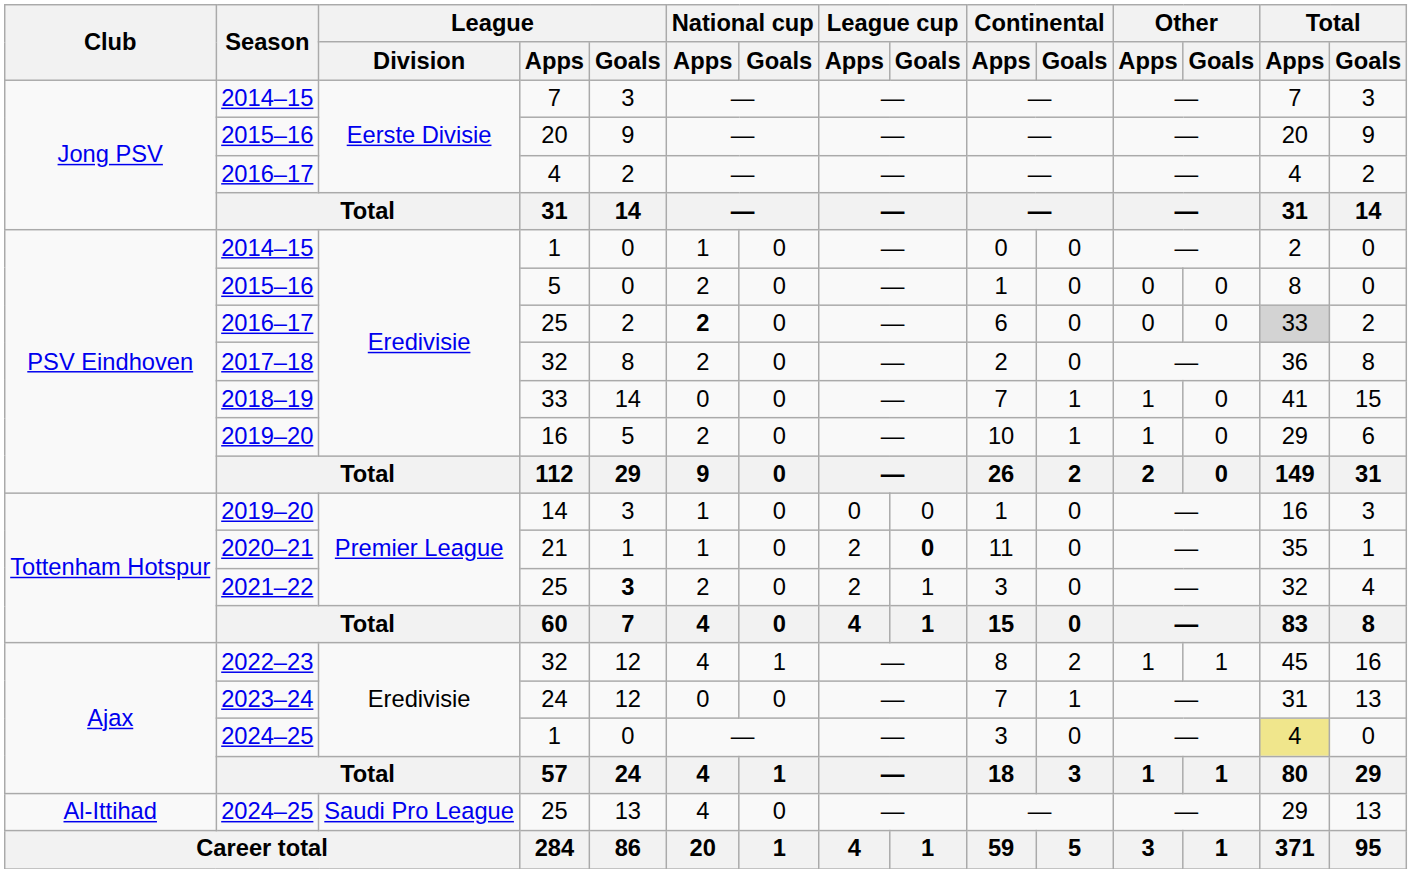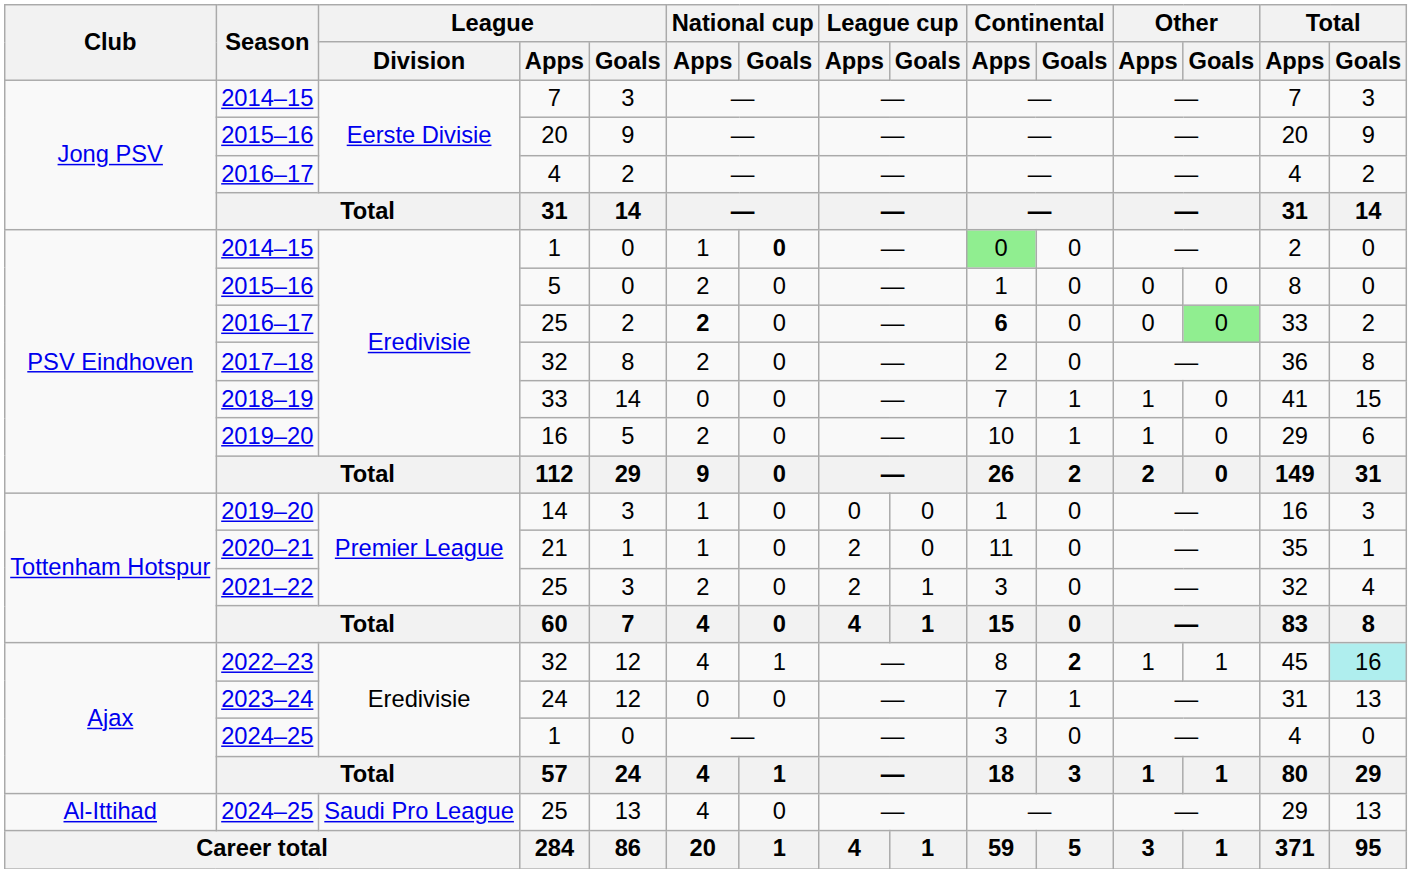 <table class="wikitable" style="text-align:center">
 <tr>
 <th rowspan="2">Club</th>
 <th rowspan="2">Season</th>
 <th colspan="3">League</th>
 <th colspan="2">National cup</th>
 <th colspan="2">League cup</th>
 <th colspan="2">Continental</th>
 <th colspan="2">Other</th>
 <th colspan="2">Total</th>
 </tr>
 <tr>
 <th>Division</th>
 <th>Apps</th>
 <th>Goals</th>
 <th>Apps</th>
 <th>Goals</th>
 <th>Apps</th>
 <th>Goals</th>
 <th>Apps</th>
 <th>Goals</th>
 <th>Apps</th>
 <th>Goals</th>
 <th>Apps</th>
 <th>Goals</th>
 </tr>
 <tr>
 <td rowspan="4"><a href='#'>Jong PSV</a></td>
 <td><a href='#'>2014–15</a></td>
 <td rowspan="3"><a href='#'>Eerste Divisie</a></td>
 <td>7</td>
 <td>3</td>
 <td colspan="2">—</td>
 <td colspan="2">—</td>
 <td colspan="2">—</td>
 <td colspan="2">—</td>
 <td>7</td>
 <td>3</td>
 </tr>
 <tr>
 <td><a href='#'>2015–16</a></td>
 <td>20</td>
 <td>9</td>
 <td colspan="2">—</td>
 <td colspan="2">—</td>
 <td colspan="2">—</td>
 <td colspan="2">—</td>
 <td>20</td>
 <td>9</td>
 </tr>
 <tr>
 <td><a href='#'>2016–17</a></td>
 <td>4</td>
 <td>2</td>
 <td colspan="2">—</td>
 <td colspan="2">—</td>
 <td colspan="2">—</td>
 <td colspan="2">—</td>
 <td>4</td>
 <td>2</td>
 </tr>
 <tr>
 <th colspan="2">Total</th>
 <th>31</th>
 <th>14</th>
 <th colspan="2">—</th>
 <th colspan="2">—</th>
 <th colspan="2">—</th>
 <th colspan="2">—</th>
 <th>31</th>
 <th>14</th>
 </tr>
 <tr>
 <td rowspan="7"><a href='#'>PSV Eindhoven</a></td>
 <td><a href='#'>2014–15</a></td>
 <td rowspan="6"><a href='#'>Eredivisie</a></td>
 <td>1</td>
 <td>0</td>
 <td>1</td>
-<td>0</td>
+<td><strong>0</strong></td>
 <td colspan="2">—</td>
-<td>0</td>
+<td style="background: lightgreen;">0</td>
 <td>0</td>
 <td colspan="2">—</td>
 <td>2</td>
 <td>0</td>
 </tr>
 <tr>
 <td><a href='#'>2015–16</a></td>
 <td>5</td>
 <td>0</td>
 <td>2</td>
 <td>0</td>
 <td colspan="2">—</td>
 <td>1</td>
 <td>0</td>
 <td>0</td>
 <td>0</td>
 <td>8</td>
 <td>0</td>
 </tr>
 <tr>
 <td><a href='#'>2016–17</a></td>
 <td>25</td>
 <td>2</td>
 <td><strong>2</strong></td>
 <td>0</td>
 <td colspan="2">—</td>
-<td>6</td>
+<td><strong>6</strong></td>
 <td>0</td>
 <td>0</td>
-<td>0</td>
-<td style="background: lightgrey;">33</td>
+<td style="background: lightgreen;">0</td>
+<td>33</td>
 <td>2</td>
 </tr>
 <tr>
 <td><a href='#'>2017–18</a></td>
 <td>32</td>
 <td>8</td>
 <td>2</td>
 <td>0</td>
 <td colspan="2">—</td>
 <td>2</td>
 <td>0</td>
 <td colspan="2">—</td>
 <td>36</td>
 <td>8</td>
 </tr>
 <tr>
 <td><a href='#'>2018–19</a></td>
 <td>33</td>
 <td>14</td>
 <td>0</td>
 <td>0</td>
 <td colspan="2">—</td>
 <td>7</td>
 <td>1</td>
 <td>1</td>
 <td>0</td>
 <td>41</td>
 <td>15</td>
 </tr>
 <tr>
 <td><a href='#'>2019–20</a></td>
 <td>16</td>
 <td>5</td>
 <td>2</td>
 <td>0</td>
 <td colspan="2">—</td>
 <td>10</td>
 <td>1</td>
 <td>1</td>
 <td>0</td>
 <td>29</td>
 <td>6</td>
 </tr>
 <tr>
 <th colspan="2">Total</th>
 <th>112</th>
 <th>29</th>
 <th>9</th>
 <th>0</th>
 <th colspan="2">—</th>
 <th>26</th>
 <th>2</th>
 <th>2</th>
 <th>0</th>
 <th>149</th>
 <th>31</th>
 </tr>
 <tr>
 <td rowspan="4"><a href='#'>Tottenham Hotspur</a></td>
 <td><a href='#'>2019–20</a></td>
 <td rowspan="3"><a href='#'>Premier League</a></td>
 <td>14</td>
 <td>3</td>
 <td>1</td>
 <td>0</td>
 <td>0</td>
 <td>0</td>
 <td>1</td>
 <td>0</td>
 <td colspan="2">—</td>
 <td>16</td>
 <td>3</td>
 </tr>
 <tr>
 <td><a href='#'>2020–21</a></td>
 <td>21</td>
 <td>1</td>
 <td>1</td>
 <td>0</td>
 <td>2</td>
-<td><strong>0</strong></td>
+<td>0</td>
 <td>11</td>
 <td>0</td>
 <td colspan="2">—</td>
 <td>35</td>
 <td>1</td>
 </tr>
 <tr>
 <td><a href='#'>2021–22</a></td>
 <td>25</td>
-<td><strong>3</strong></td>
+<td>3</td>
 <td>2</td>
 <td>0</td>
 <td>2</td>
 <td>1</td>
 <td>3</td>
 <td>0</td>
 <td colspan="2">—</td>
 <td>32</td>
 <td>4</td>
 </tr>
 <tr>
 <th colspan="2">Total</th>
 <th>60</th>
 <th>7</th>
 <th>4</th>
 <th>0</th>
 <th>4</th>
 <th>1</th>
 <th>15</th>
 <th>0</th>
 <th colspan="2">—</th>
 <th>83</th>
 <th>8</th>
 </tr>
 <tr>
 <td rowspan="4"><a href='#'>Ajax</a></td>
 <td><a href='#'>2022–23</a></td>
 <td rowspan="3">Eredivisie</td>
 <td>32</td>
 <td>12</td>
 <td>4</td>
 <td>1</td>
 <td colspan="2">—</td>
 <td>8</td>
-<td>2</td>
+<td><strong>2</strong></td>
 <td>1</td>
 <td>1</td>
 <td>45</td>
-<td>16</td>
+<td style="background: paleturquoise;">16</td>
 </tr>
 <tr>
 <td><a href='#'>2023–24</a></td>
 <td>24</td>
 <td>12</td>
 <td>0</td>
 <td>0</td>
 <td colspan="2">—</td>
 <td>7</td>
 <td>1</td>
 <td colspan="2">—</td>
 <td>31</td>
 <td>13</td>
 </tr>
 <tr>
 <td><a href='#'>2024–25</a></td>
 <td>1</td>
 <td>0</td>
 <td colspan="2">—</td>
 <td colspan="2">—</td>
 <td>3</td>
 <td>0</td>
 <td colspan="2">—</td>
-<td style="background: khaki;">4</td>
+<td>4</td>
 <td>0</td>
 </tr>
 <tr>
 <th colspan="2">Total</th>
 <th>57</th>
 <th>24</th>
 <th>4</th>
 <th>1</th>
 <th colspan="2">—</th>
 <th>18</th>
 <th>3</th>
 <th>1</th>
 <th>1</th>
 <th>80</th>
 <th>29</th>
 </tr>
 <tr>
 <td><a href='#'>Al-Ittihad</a></td>
 <td><a href='#'>2024–25</a></td>
 <td><a href='#'>Saudi Pro League</a></td>
 <td>25</td>
 <td>13</td>
 <td>4</td>
 <td>0</td>
 <td colspan="2">—</td>
 <td colspan="2">—</td>
 <td colspan="2">—</td>
 <td>29</td>
 <td>13</td>
 </tr>
 <tr>
 <th colspan="3">Career total</th>
 <th>284</th>
 <th>86</th>
 <th>20</th>
 <th>1</th>
 <th>4</th>
 <th>1</th>
 <th>59</th>
 <th>5</th>
 <th>3</th>
 <th>1</th>
 <th>371</th>
 <th>95</th>
 </tr>
 </table>
